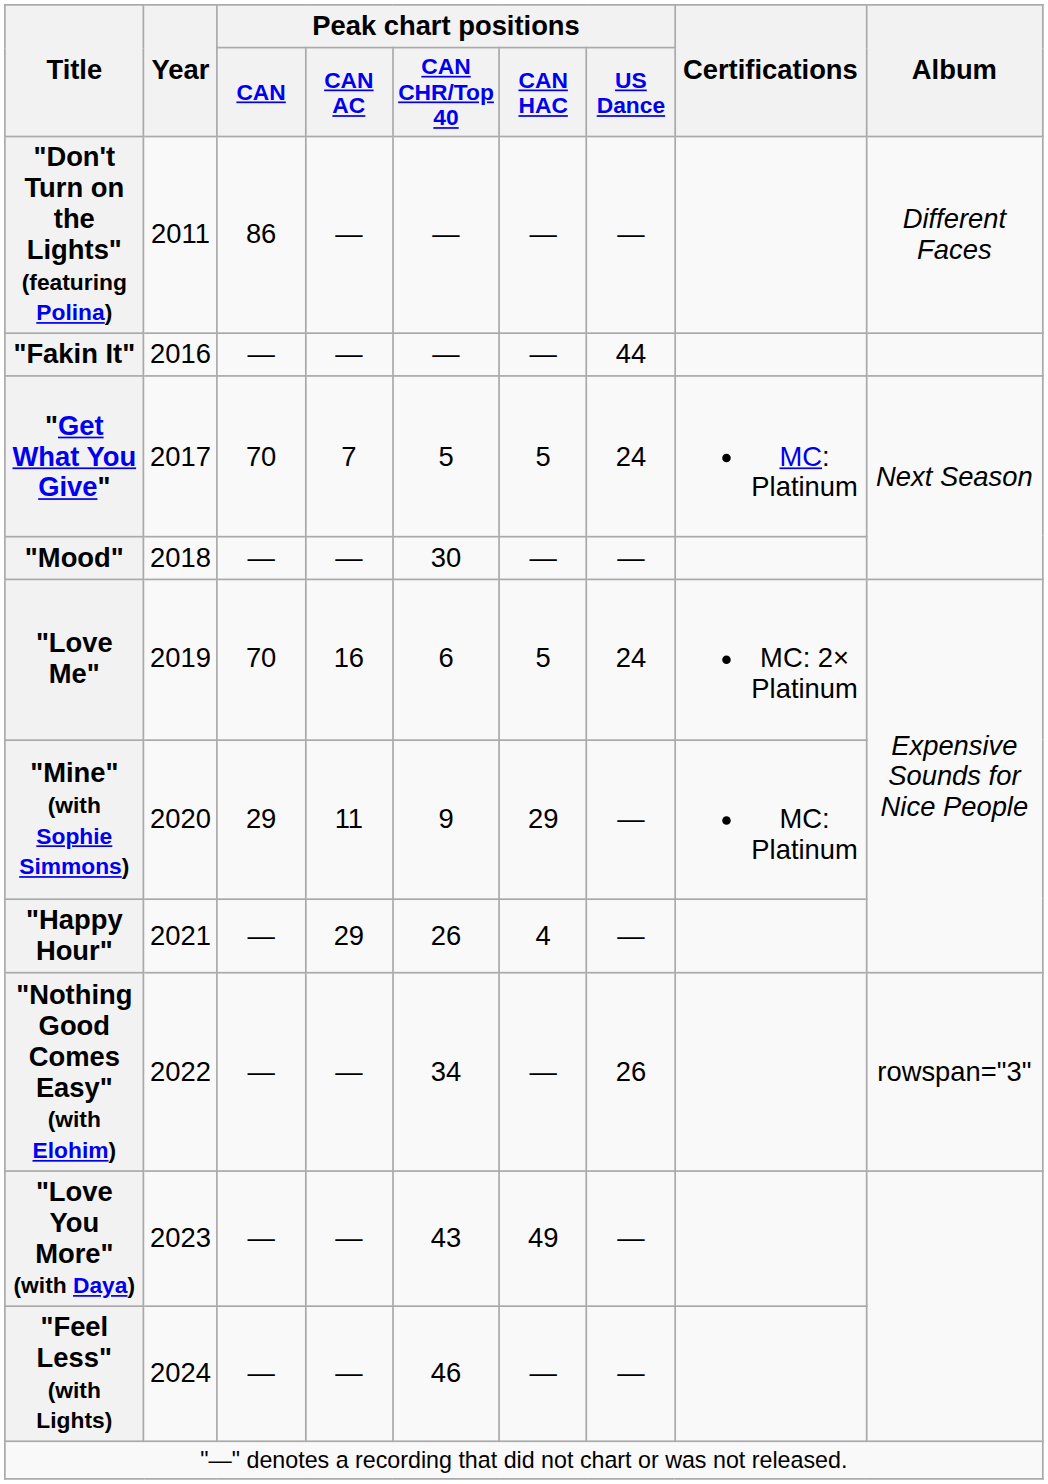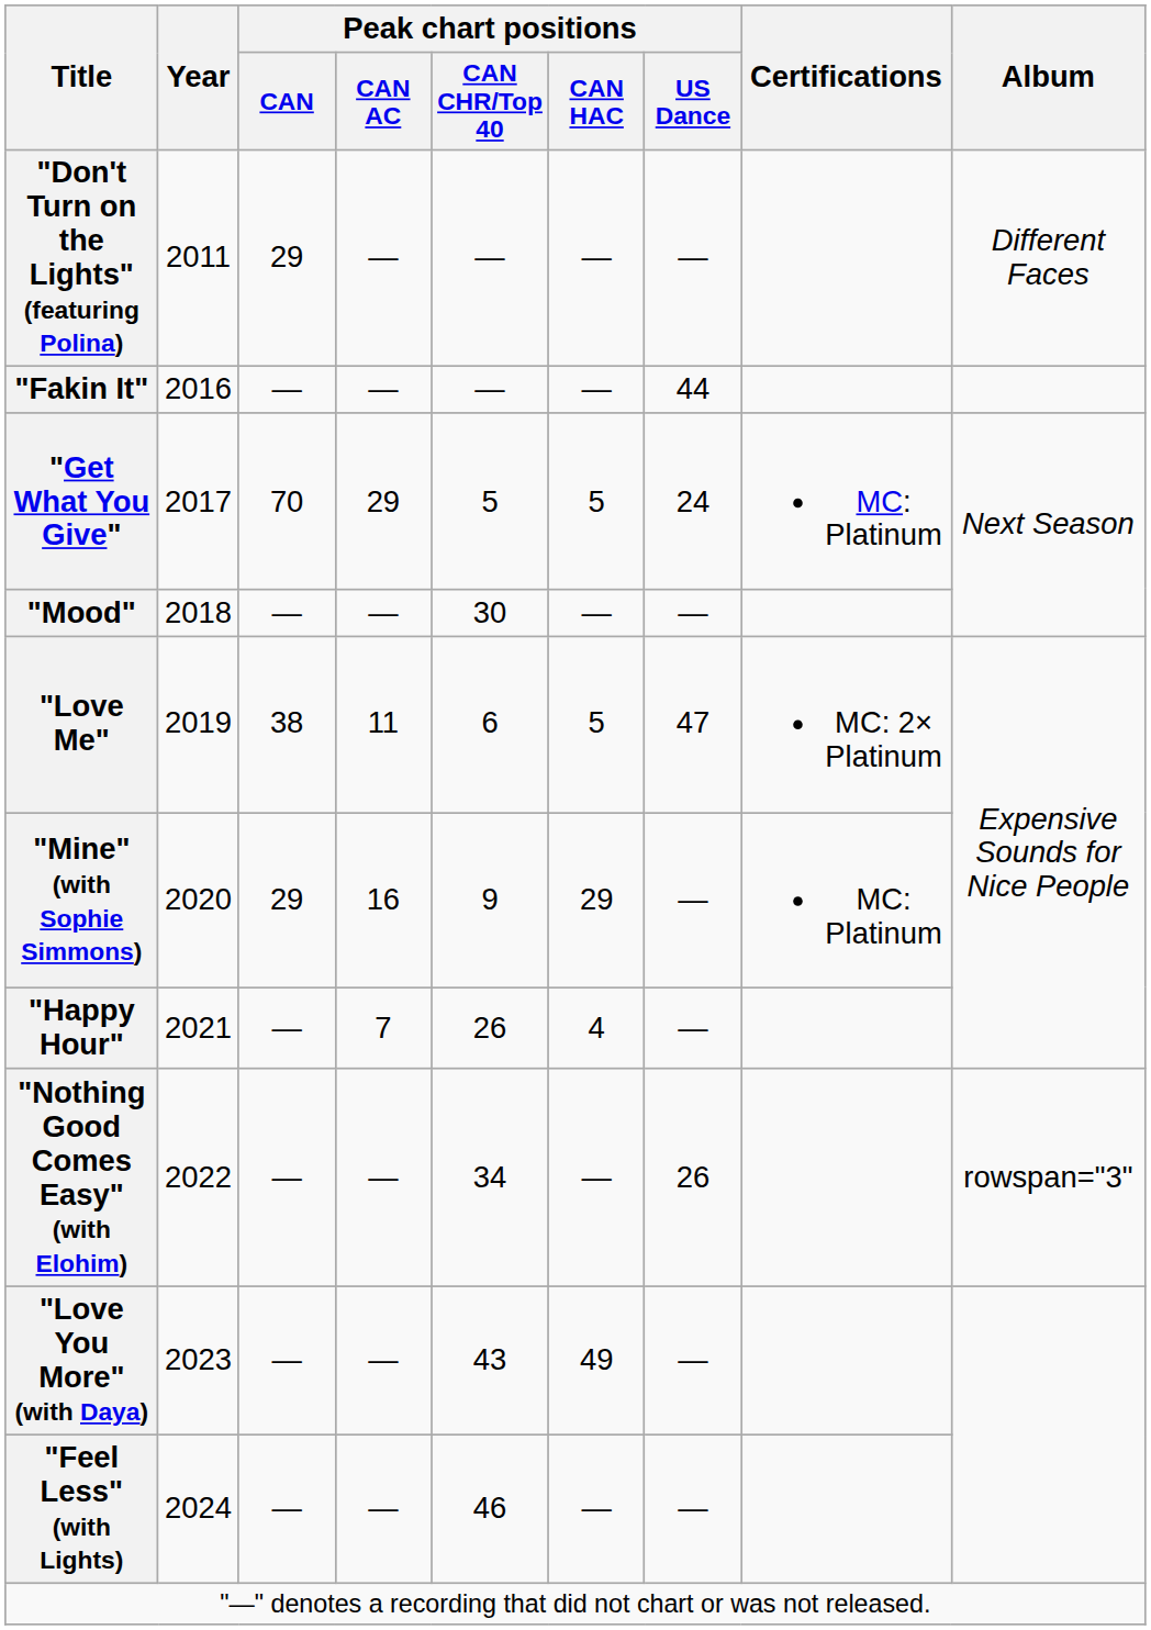 <table class="wikitable plainrowheaders" style="text-align:center;">
 <tr>
 <th scope="col" rowspan="2">Title</th>
 <th scope="col" rowspan="2">Year</th>
 <th colspan="5" scope="col">Peak chart positions</th>
 <th scope="col" rowspan="2">Certifications</th>
 <th scope="col" rowspan="2">Album</th>
 </tr>
 <tr style="font-size:smaller;">
 <th style="width:45px;"><a href='#'>CAN</a><br></th>
 <th style="width:45px;"><a href='#'>CAN<br>AC</a><br></th>
 <th style="width:45px;"><a href='#'>CAN<br>CHR/Top 40</a><br></th>
 <th style="width:45px;"><a href='#'>CAN<br>HAC</a><br></th>
 <th style="width:45px;"><a href='#'>US<br>Dance</a><br></th>
 </tr>
 <tr>
 <th scope="row">"Don't Turn on the Lights"<br><small>(featuring <a href='#'>Polina</a>)</small></th>
 <td>2011</td>
-<td>86</td>
+<td>29</td>
 <td>—</td>
 <td>—</td>
 <td>—</td>
 <td>—</td>
 <td></td>
 <td><em>Different Faces</em></td>
 </tr>
 <tr>
 <th scope="row">"Fakin It"<br></th>
 <td>2016</td>
 <td>—</td>
 <td>—</td>
 <td>—</td>
 <td>—</td>
 <td>44</td>
 <td></td>
 <td></td>
 </tr>
 <tr>
 <th scope="row">"<a href='#'>Get What You Give</a>"</th>
 <td>2017</td>
 <td>70</td>
-<td>7</td>
+<td>29</td>
 <td>5</td>
 <td>5</td>
 <td>24</td>
 <td><br><ul><li><a href='#'>MC</a>: Platinum</li></ul></td>
 <td rowspan="2"><em>Next Season</em></td>
 </tr>
 <tr>
 <th scope="row">"Mood"</th>
 <td>2018</td>
 <td>—</td>
 <td>—</td>
 <td>30</td>
 <td>—</td>
 <td>—</td>
 <td></td>
 </tr>
 <tr>
 <th scope="row">"Love Me"<br></th>
 <td>2019</td>
-<td>70</td>
-<td>16</td>
+<td>38</td>
+<td>11</td>
 <td>6</td>
 <td>5</td>
-<td>24</td>
+<td>47</td>
 <td><br><ul><li>MC: 2× Platinum</li></ul></td>
 <td rowspan="3"><em>Expensive Sounds for Nice People</em></td>
 </tr>
 <tr>
 <th scope="row">"Mine"<br><small>(with <a href='#'>Sophie Simmons</a>)</small></th>
 <td>2020</td>
 <td>29</td>
-<td>11</td>
+<td>16</td>
 <td>9</td>
 <td>29</td>
 <td>—</td>
 <td><br><ul><li>MC: Platinum</li></ul></td>
 </tr>
 <tr>
 <th scope="row">"Happy Hour"<br></th>
 <td>2021</td>
 <td>—</td>
-<td>29</td>
+<td>7</td>
 <td>26</td>
 <td>4</td>
 <td>—</td>
 <td></td>
 </tr>
 <tr>
 <th scope="row">"Nothing Good Comes Easy"<br><small>(with <a href='#'>Elohim</a>)</small></th>
 <td>2022</td>
 <td>—</td>
 <td>—</td>
 <td>34</td>
 <td>—</td>
 <td>26</td>
 <td></td>
 <td>rowspan="3" </td>
 </tr>
 <tr>
 <th scope="row">"Love You More"<br><small>(with <a href='#'>Daya</a>)</small></th>
 <td>2023</td>
 <td>—</td>
 <td>—</td>
 <td>43</td>
 <td>49</td>
 <td>—</td>
 <td></td>
 </tr>
 <tr>
 <th scope="row">"Feel Less"<br><small>(with Lights)</small></th>
 <td>2024</td>
 <td>—</td>
 <td>—</td>
 <td>46</td>
 <td>—</td>
 <td>—</td>
 <td></td>
 </tr>
 <tr>
 <td colspan="9" style="font-size:85%">"—" denotes a recording that did not chart or was not released.</td>
 </tr>
 </table>
